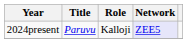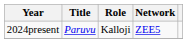 <table class="wikitable sortable">
 <tr>
 <th>Year</th>
 <th>Title</th>
 <th>Role</th>
 <th>Network</th>
 <th class="unsortable" ></th>
 </tr>
 <tr>
 <td>2024present</td>
 <td><em><a href='#'>Paruvu</a></em></td>
 <td>Kalloji</td>
-<td style="background: lavender;"><a href='#'>ZEE5</a></td>
+<td><a href='#'>ZEE5</a></td>
 <td></td>
 </tr>
 <tr>
 </tr>
 </table>
